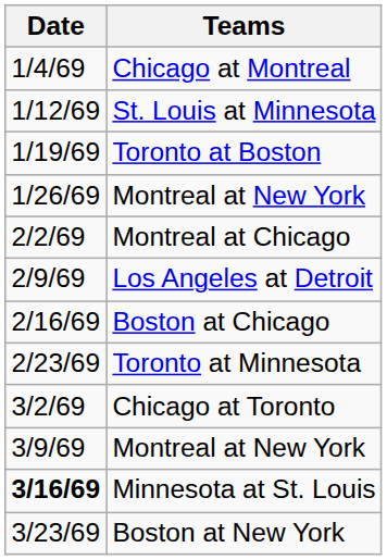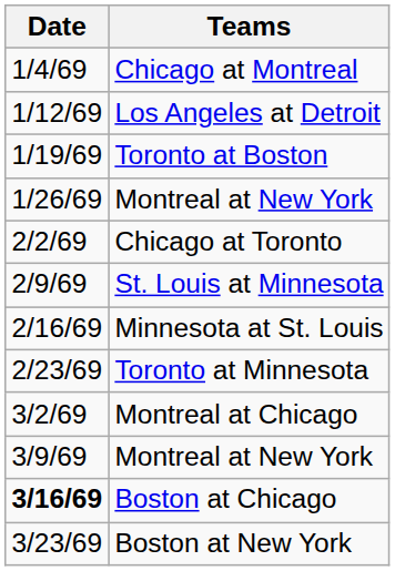 <table class="wikitable">
 <tr>
 <th>Date</th>
 <th>Teams</th>
 </tr>
 <tr>
 <td>1/4/69</td>
 <td><a href='#'>Chicago</a> at <a href='#'>Montreal</a></td>
 </tr>
 <tr>
 <td>1/12/69</td>
-<td><a href='#'>St. Louis</a> at <a href='#'>Minnesota</a></td>
+<td><a href='#'>Los Angeles</a> at <a href='#'>Detroit</a></td>
 </tr>
 <tr>
 <td>1/19/69</td>
 <td><a href='#'>Toronto at Boston</a></td>
 </tr>
 <tr>
 <td>1/26/69</td>
 <td>Montreal at <a href='#'>New York</a></td>
 </tr>
 <tr>
 <td>2/2/69</td>
-<td>Montreal at Chicago</td>
+<td>Chicago at Toronto</td>
 </tr>
 <tr>
 <td>2/9/69</td>
-<td><a href='#'>Los Angeles</a> at <a href='#'>Detroit</a></td>
+<td><a href='#'>St. Louis</a> at <a href='#'>Minnesota</a></td>
 </tr>
 <tr>
 <td>2/16/69</td>
-<td><a href='#'>Boston</a> at Chicago</td>
+<td>Minnesota at St. Louis</td>
 </tr>
 <tr>
 <td>2/23/69</td>
 <td><a href='#'>Toronto</a> at Minnesota</td>
 </tr>
 <tr>
 <td>3/2/69</td>
-<td>Chicago at Toronto</td>
+<td>Montreal at Chicago</td>
 </tr>
 <tr>
 <td>3/9/69</td>
 <td>Montreal at New York</td>
 </tr>
 <tr>
 <td><strong>3/16/69</strong></td>
-<td>Minnesota at St. Louis</td>
+<td><a href='#'>Boston</a> at Chicago</td>
 </tr>
 <tr>
 <td>3/23/69</td>
 <td>Boston at New York</td>
 </tr>
 </table>
